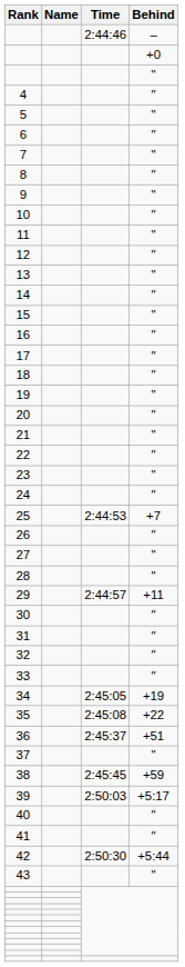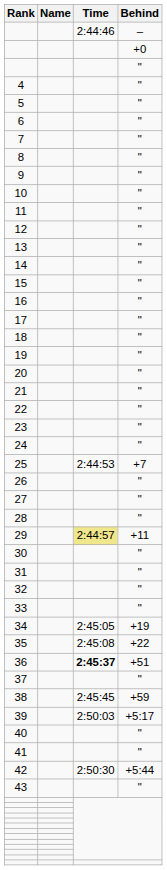 <table class="wikitable" style="text-align:center">
 <tr>
 <th>Rank</th>
 <th>Name</th>
 <th>Time</th>
 <th>Behind</th>
 </tr>
 <tr>
 <td></td>
 <td align=left></td>
 <td>2:44:46</td>
 <td>–</td>
 </tr>
 <tr>
 <td></td>
 <td align=left></td>
 <td></td>
 <td>+0</td>
 </tr>
 <tr>
 <td></td>
 <td align=left></td>
 <td></td>
 <td>"</td>
 </tr>
 <tr>
 <td>4</td>
 <td align=left></td>
 <td></td>
 <td>"</td>
 </tr>
 <tr>
 <td>5</td>
 <td align=left></td>
 <td></td>
 <td>"</td>
 </tr>
 <tr>
 <td>6</td>
 <td align=left></td>
 <td></td>
 <td>"</td>
 </tr>
 <tr>
 <td>7</td>
 <td align=left></td>
 <td></td>
 <td>"</td>
 </tr>
 <tr>
 <td>8</td>
 <td align=left></td>
 <td></td>
 <td>"</td>
 </tr>
 <tr>
 <td>9</td>
 <td align=left></td>
 <td></td>
 <td>"</td>
 </tr>
 <tr>
 <td>10</td>
 <td align=left></td>
 <td></td>
 <td>"</td>
 </tr>
 <tr>
 <td>11</td>
 <td align=left></td>
 <td></td>
 <td>"</td>
 </tr>
 <tr>
 <td>12</td>
 <td align=left></td>
 <td></td>
 <td>"</td>
 </tr>
 <tr>
 <td>13</td>
 <td align=left></td>
 <td></td>
 <td>"</td>
 </tr>
 <tr>
 <td>14</td>
 <td align=left></td>
 <td></td>
 <td>"</td>
 </tr>
 <tr>
 <td>15</td>
 <td align=left></td>
 <td></td>
 <td>"</td>
 </tr>
 <tr>
 <td>16</td>
 <td align=left></td>
 <td></td>
 <td>"</td>
 </tr>
 <tr>
 <td>17</td>
 <td align=left></td>
 <td></td>
 <td>"</td>
 </tr>
 <tr>
 <td>18</td>
 <td align=left></td>
 <td></td>
 <td>"</td>
 </tr>
 <tr>
 <td>19</td>
 <td align=left></td>
 <td></td>
 <td>"</td>
 </tr>
 <tr>
 <td>20</td>
 <td align=left></td>
 <td></td>
 <td>"</td>
 </tr>
 <tr>
 <td>21</td>
 <td align=left></td>
 <td></td>
 <td>"</td>
 </tr>
 <tr>
 <td>22</td>
 <td align=left></td>
 <td></td>
 <td>"</td>
 </tr>
 <tr>
 <td>23</td>
 <td align=left></td>
 <td></td>
 <td>"</td>
 </tr>
 <tr>
 <td>24</td>
 <td align=left></td>
 <td></td>
 <td>"</td>
 </tr>
 <tr>
 <td>25</td>
 <td align=left></td>
 <td>2:44:53</td>
 <td>+7</td>
 </tr>
 <tr>
 <td>26</td>
 <td align=left></td>
 <td></td>
 <td>"</td>
 </tr>
 <tr>
 <td>27</td>
 <td align=left></td>
 <td></td>
 <td>"</td>
 </tr>
 <tr>
 <td>28</td>
 <td align=left></td>
 <td></td>
 <td>"</td>
 </tr>
 <tr>
 <td>29</td>
 <td align=left></td>
-<td>2:44:57</td>
+<td style="background: khaki;">2:44:57</td>
 <td>+11</td>
 </tr>
 <tr>
 <td>30</td>
 <td align=left></td>
 <td></td>
 <td>"</td>
 </tr>
 <tr>
 <td>31</td>
 <td align=left></td>
 <td></td>
 <td>"</td>
 </tr>
 <tr>
 <td>32</td>
 <td align=left></td>
 <td></td>
 <td>"</td>
 </tr>
 <tr>
 <td>33</td>
 <td align=left></td>
 <td></td>
 <td>"</td>
 </tr>
 <tr>
 <td>34</td>
 <td align=left></td>
 <td>2:45:05</td>
 <td>+19</td>
 </tr>
 <tr>
 <td>35</td>
 <td align=left></td>
 <td>2:45:08</td>
 <td>+22</td>
 </tr>
 <tr>
 <td>36</td>
 <td align=left></td>
-<td>2:45:37</td>
+<td><strong>2:45:37</strong></td>
 <td>+51</td>
 </tr>
 <tr>
 <td>37</td>
 <td align=left></td>
 <td></td>
 <td>"</td>
 </tr>
 <tr>
 <td>38</td>
 <td align=left></td>
 <td>2:45:45</td>
 <td>+59</td>
 </tr>
 <tr>
 <td>39</td>
 <td align=left></td>
 <td>2:50:03</td>
 <td>+5:17</td>
 </tr>
 <tr>
 <td>40</td>
 <td align=left></td>
 <td></td>
 <td>"</td>
 </tr>
 <tr>
 <td>41</td>
 <td align=left></td>
 <td></td>
 <td>"</td>
 </tr>
 <tr>
 <td>42</td>
 <td align=left></td>
 <td>2:50:30</td>
 <td>+5:44</td>
 </tr>
 <tr>
 <td>43</td>
 <td align=left></td>
 <td></td>
 <td>"</td>
 </tr>
 <tr>
 <td></td>
 <td align=left></td>
 <td colspan=2 rowspan=12></td>
 </tr>
 <tr>
 <td></td>
 <td align=left></td>
 </tr>
 <tr>
 <td></td>
 <td align=left></td>
 </tr>
 <tr>
 <td></td>
 <td align=left></td>
 </tr>
 <tr>
 <td></td>
 <td align=left></td>
 </tr>
 <tr>
 <td></td>
 <td align=left></td>
 </tr>
 <tr>
 <td></td>
 <td align=left></td>
 </tr>
 <tr>
 <td></td>
 <td align=left></td>
 </tr>
 <tr>
 <td></td>
 <td align=left></td>
 </tr>
 <tr>
 <td></td>
 <td align=left></td>
 </tr>
 <tr>
 <td></td>
 <td align=left></td>
 </tr>
 <tr>
 <td></td>
 <td align=left></td>
 </tr>
 <tr>
 <td></td>
 <td align=left></td>
 <td colspan=2></td>
 </tr>
 </table>
